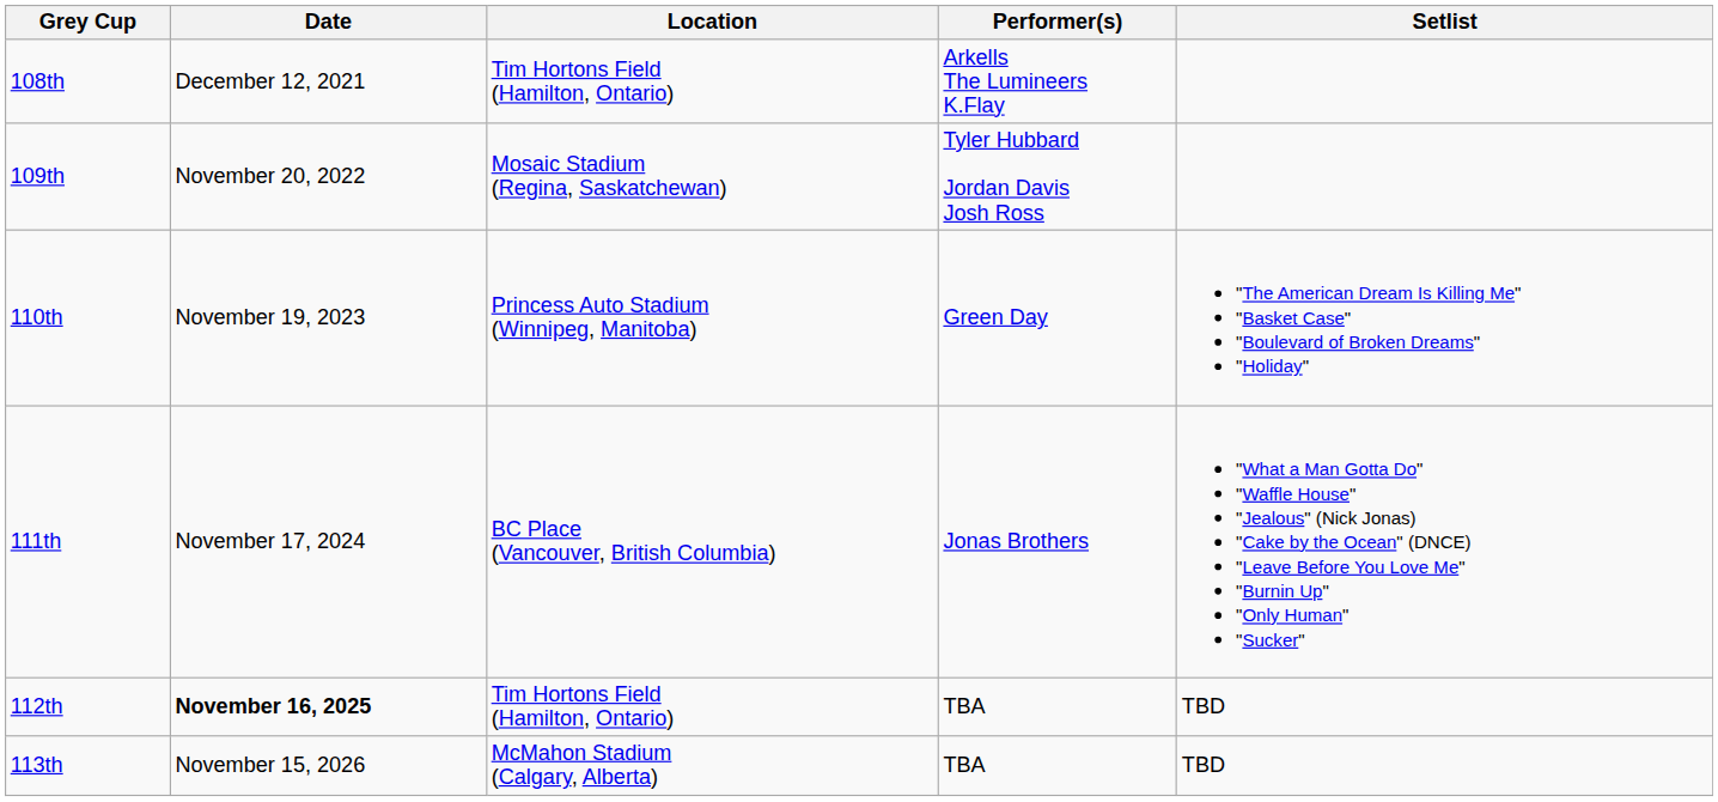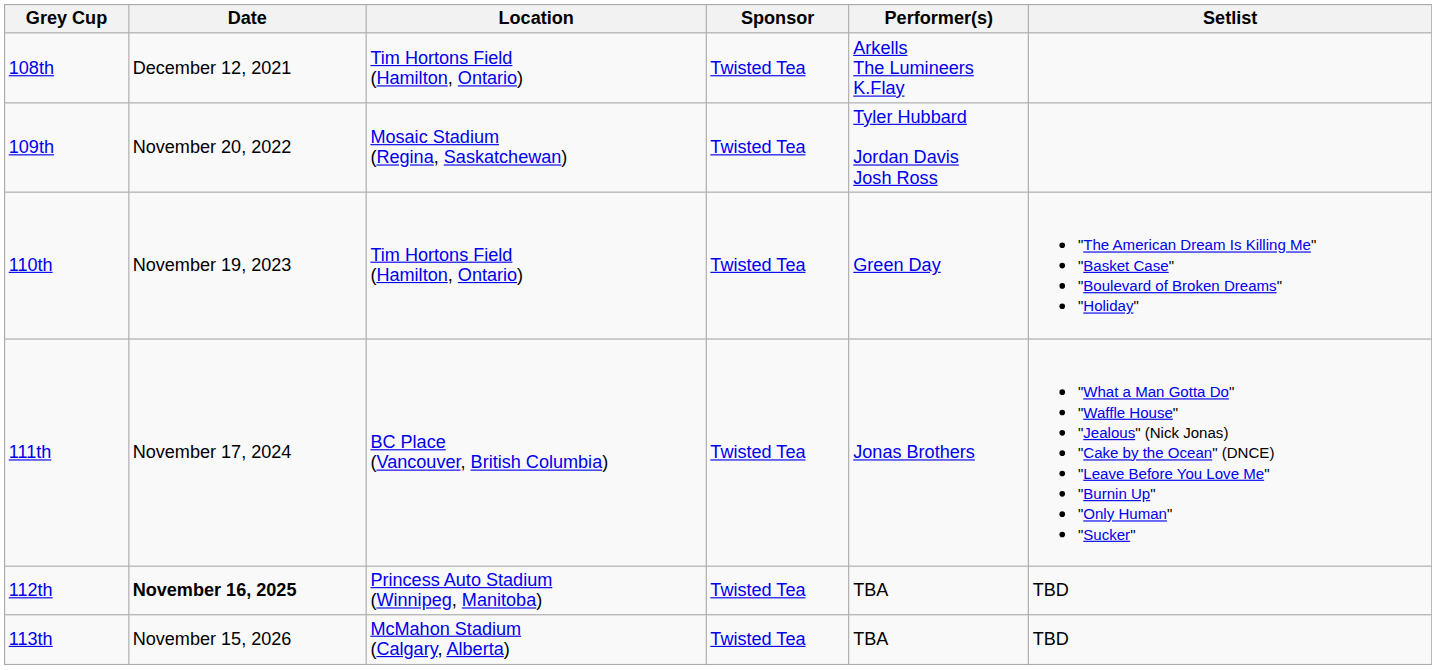 <table class="wikitable" style="width: 100%; text-align:left">
 <tr>
 <th>Grey Cup</th>
 <th>Date</th>
 <th>Location</th>
+<th>Sponsor</th>
 <th>Performer(s)</th>
 <th>Setlist</th>
 </tr>
 <tr>
 <td><a href='#'>108th</a></td>
 <td>December 12, 2021</td>
 <td><a href='#'>Tim Hortons Field</a><br>(<a href='#'>Hamilton</a>, <a href='#'>Ontario</a>)</td>
+<td><a href='#'>Twisted Tea</a></td>
 <td><a href='#'>Arkells</a><br><a href='#'>The Lumineers</a><br><a href='#'>K.Flay</a></td>
 <td></td>
 </tr>
 <tr>
 <td><a href='#'>109th</a></td>
 <td>November 20, 2022</td>
 <td><a href='#'>Mosaic Stadium</a><br>(<a href='#'>Regina</a>, <a href='#'>Saskatchewan</a>)</td>
+<td><a href='#'>Twisted Tea</a></td>
 <td><a href='#'>Tyler Hubbard</a><br><br><a href='#'>Jordan Davis</a><br>  <a href='#'>Josh Ross</a></td>
 <td></td>
 </tr>
 <tr>
 <td><a href='#'>110th</a></td>
 <td>November 19, 2023</td>
-<td><a href='#'>Princess Auto Stadium</a><br>(<a href='#'>Winnipeg</a>, <a href='#'>Manitoba</a>)</td>
+<td><a href='#'>Tim Hortons Field</a><br>(<a href='#'>Hamilton</a>, <a href='#'>Ontario</a>)</td>
+<td><a href='#'>Twisted Tea</a></td>
 <td><a href='#'>Green Day</a></td>
 <td><br><ul><li><small>"<a href='#'>The American Dream Is Killing Me</a>"</small></li><li><small>"<a href='#'>Basket Case</a>"</small></li><li><small>"<a href='#'>Boulevard of Broken Dreams</a>"</small></li><li><small>"<a href='#'>Holiday</a>"</small></li></ul></td>
 </tr>
 <tr>
 <td><a href='#'>111th</a></td>
 <td>November 17, 2024</td>
 <td><a href='#'>BC Place</a><br>(<a href='#'>Vancouver</a>, <a href='#'>British Columbia</a>)</td>
+<td><a href='#'>Twisted Tea</a></td>
 <td><a href='#'>Jonas Brothers</a></td>
 <td><br><ul><li><small>"<a href='#'>What a Man Gotta Do</a>"</small></li><li><small>"<a href='#'>Waffle House</a>"</small></li><li><small>"<a href='#'>Jealous</a>" (Nick Jonas)</small></li><li><small>"<a href='#'>Cake by the Ocean</a>" (DNCE)</small></li><li><small>"<a href='#'>Leave Before You Love Me</a>"</small></li><li><small>"<a href='#'>Burnin Up</a>"</small></li><li><small>"<a href='#'>Only Human</a>"</small></li><li><small>"<a href='#'>Sucker</a>"</small></li></ul></td>
 </tr>
 <tr>
 <td><a href='#'>112th</a></td>
 <td><strong>November 16, 2025</strong></td>
-<td><a href='#'>Tim Hortons Field</a><br>(<a href='#'>Hamilton</a>, <a href='#'>Ontario</a>)</td>
+<td><a href='#'>Princess Auto Stadium</a><br>(<a href='#'>Winnipeg</a>, <a href='#'>Manitoba</a>)</td>
+<td><a href='#'>Twisted Tea</a></td>
 <td>TBA</td>
 <td>TBD</td>
 </tr>
 <tr>
 <td><a href='#'>113th</a></td>
 <td>November 15, 2026</td>
 <td><a href='#'>McMahon Stadium</a><br>(<a href='#'>Calgary</a>, <a href='#'>Alberta</a>)</td>
+<td><a href='#'>Twisted Tea</a></td>
 <td>TBA</td>
 <td>TBD</td>
 </tr>
 </table>
